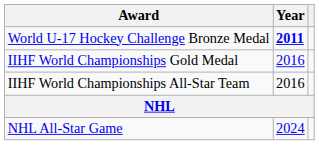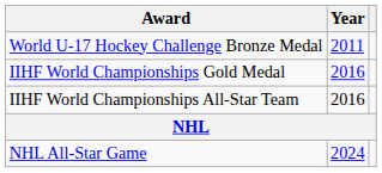 <table class="wikitable">
 <tr>
 <th>Award</th>
 <th>Year</th>
 <th></th>
 </tr>
 <tr>
 <td><a href='#'>World U-17 Hockey Challenge</a> Bronze Medal</td>
-<td><strong><a href='#'>2011</a></strong></td>
+<td><a href='#'>2011</a></td>
 <td></td>
 </tr>
 <tr>
 <td><a href='#'>IIHF World Championships</a> Gold Medal</td>
 <td><a href='#'>2016</a></td>
 <td></td>
 </tr>
 <tr>
 <td>IIHF World Championships All-Star Team</td>
 <td>2016</td>
 <td></td>
 </tr>
 <tr>
 <th colspan="3"><a href='#'>NHL</a></th>
 </tr>
 <tr>
 <td><a href='#'>NHL All-Star Game</a></td>
 <td><a href='#'>2024</a></td>
 <td></td>
 </tr>
 </table>
